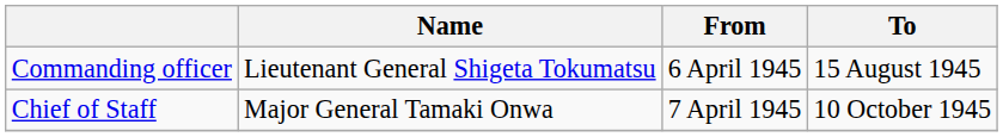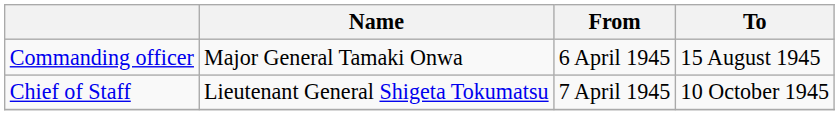 <table class=wikitable>
 <tr>
 <th></th>
 <th>Name</th>
 <th>From</th>
 <th>To</th>
 </tr>
 <tr>
 <td><a href='#'>Commanding officer</a></td>
-<td>Lieutenant General <a href='#'>Shigeta Tokumatsu</a></td>
+<td>Major General Tamaki Onwa</td>
 <td>6 April 1945</td>
 <td>15 August 1945</td>
 </tr>
 <tr>
 <td><a href='#'>Chief of Staff</a></td>
-<td>Major General Tamaki Onwa</td>
+<td>Lieutenant General <a href='#'>Shigeta Tokumatsu</a></td>
 <td>7 April 1945</td>
 <td>10 October 1945</td>
 </tr>
 <tr>
 </tr>
 </table>
